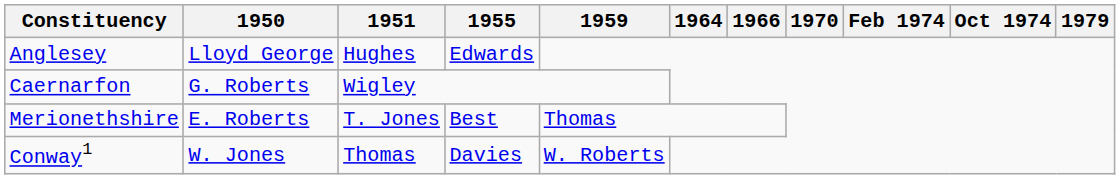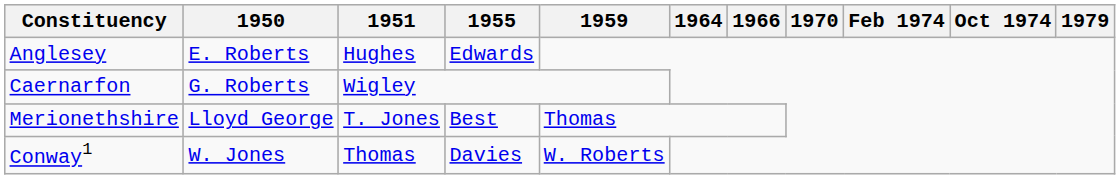 <table class="wikitable">
 <tr>
 <th>Constituency</th>
 <th>1950</th>
 <th>1951</th>
 <th>1955</th>
 <th>1959</th>
 <th>1964</th>
 <th>1966</th>
 <th>1970</th>
 <th>Feb 1974</th>
 <th>Oct 1974</th>
 <th>1979</th>
 </tr>
 <tr>
 <td><a href='#'>Anglesey</a></td>
-<td><a href='#'>Lloyd George</a></td>
+<td><a href='#'>E. Roberts</a></td>
 <td><a href='#'>Hughes</a></td>
 <td><a href='#'>Edwards</a></td>
 </tr>
 <tr>
 <td><a href='#'>Caernarfon</a></td>
 <td><a href='#'>G. Roberts</a></td>
 <td colspan="3"><a href='#'>Wigley</a></td>
 </tr>
 <tr>
 <td><a href='#'>Merionethshire</a></td>
-<td><a href='#'>E. Roberts</a></td>
+<td><a href='#'>Lloyd George</a></td>
 <td><a href='#'>T. Jones</a></td>
 <td><a href='#'>Best</a></td>
 <td colspan="3"><a href='#'>Thomas</a></td>
 </tr>
 <tr>
 <td><a href='#'>Conway</a><sup>1</sup></td>
 <td><a href='#'>W. Jones</a></td>
 <td><a href='#'>Thomas</a></td>
 <td><a href='#'>Davies</a></td>
 <td><a href='#'>W. Roberts</a></td>
 </tr>
 </table>
